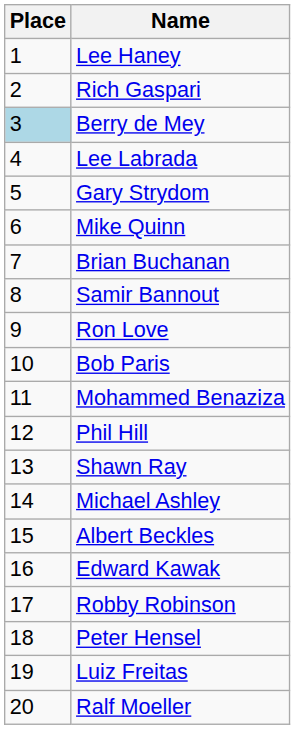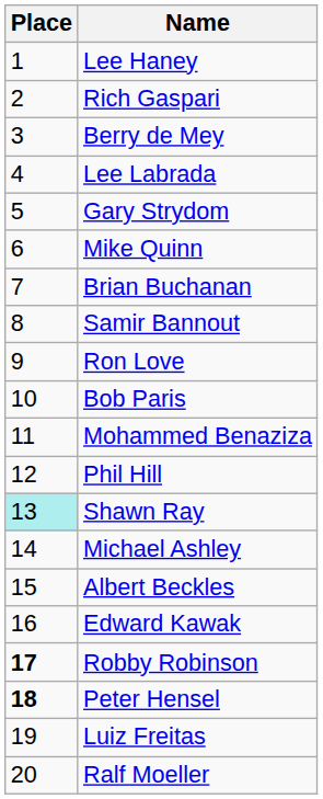 <table class="wikitable">
 <tr>
 <th>Place</th>
 <th>Name</th>
 </tr>
 <tr>
 <td>1</td>
 <td> <a href='#'>Lee Haney</a></td>
 </tr>
 <tr>
 <td>2</td>
 <td> <a href='#'>Rich Gaspari</a></td>
 </tr>
 <tr>
-<td style="background: lightblue;">3</td>
+<td>3</td>
 <td> <a href='#'>Berry de Mey</a></td>
 </tr>
 <tr>
 <td>4</td>
 <td> <a href='#'>Lee Labrada</a></td>
 </tr>
 <tr>
 <td>5</td>
 <td> <a href='#'>Gary Strydom</a></td>
 </tr>
 <tr>
 <td>6</td>
 <td> <a href='#'>Mike Quinn</a></td>
 </tr>
 <tr>
 <td>7</td>
 <td> <a href='#'>Brian Buchanan</a></td>
 </tr>
 <tr>
 <td>8</td>
 <td> <a href='#'>Samir Bannout</a></td>
 </tr>
 <tr>
 <td>9</td>
 <td> <a href='#'>Ron Love</a></td>
 </tr>
 <tr>
 <td>10</td>
 <td> <a href='#'>Bob Paris</a></td>
 </tr>
 <tr>
 <td>11</td>
 <td> <a href='#'>Mohammed Benaziza</a></td>
 </tr>
 <tr>
 <td>12</td>
 <td> <a href='#'>Phil Hill</a></td>
 </tr>
 <tr>
-<td>13</td>
+<td style="background: paleturquoise;">13</td>
 <td> <a href='#'>Shawn Ray</a></td>
 </tr>
 <tr>
 <td>14</td>
 <td> <a href='#'>Michael Ashley</a></td>
 </tr>
 <tr>
 <td>15</td>
 <td> <a href='#'>Albert Beckles</a></td>
 </tr>
 <tr>
 <td>16</td>
 <td> <a href='#'>Edward Kawak</a></td>
 </tr>
 <tr>
-<td>17</td>
+<td><strong>17</strong></td>
 <td> <a href='#'>Robby Robinson</a></td>
 </tr>
 <tr>
-<td>18</td>
+<td><strong>18</strong></td>
 <td> <a href='#'>Peter Hensel</a></td>
 </tr>
 <tr>
 <td>19</td>
 <td> <a href='#'>Luiz Freitas</a></td>
 </tr>
 <tr>
 <td>20</td>
 <td> <a href='#'>Ralf Moeller</a></td>
 </tr>
 </table>
